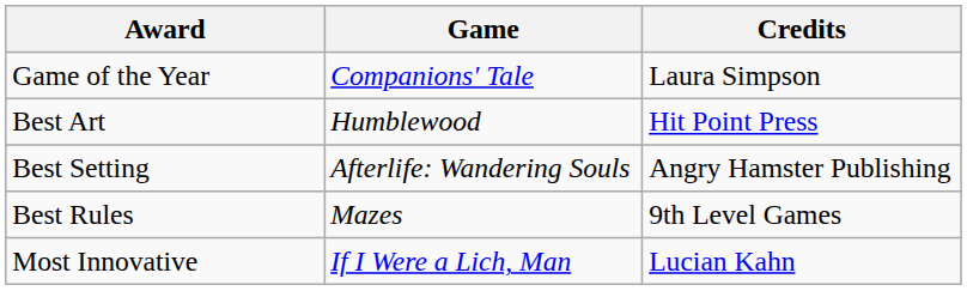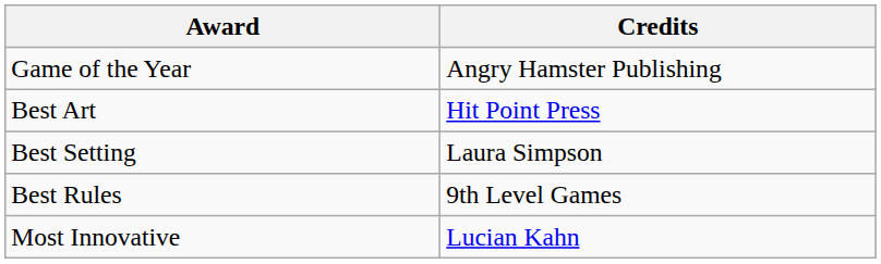 <table class="wikitable sortable" style="margins:auto; width=95%; font-size: 95%;">
 <tr>
 <th width="33%">Award</th>
-<th width="33%">Game</th>
 <th width="33%">Credits</th>
 </tr>
 <tr>
 <td>Game of the Year</td>
-<td><em><a href='#'>Companions' Tale</a></em></td>
-<td>Laura Simpson</td>
+<td>Angry Hamster Publishing</td>
 </tr>
 <tr>
 <td>Best Art</td>
-<td><em>Humblewood</em></td>
 <td><a href='#'>Hit Point Press</a></td>
 </tr>
 <tr>
 <td>Best Setting</td>
-<td><em>Afterlife: Wandering Souls</em></td>
-<td>Angry Hamster Publishing</td>
+<td>Laura Simpson</td>
 </tr>
 <tr>
 <td>Best Rules</td>
-<td><em>Mazes</em></td>
 <td>9th Level Games</td>
 </tr>
 <tr>
 <td>Most Innovative</td>
-<td><em><a href='#'>If I Were a Lich, Man</a></em></td>
 <td><a href='#'>Lucian Kahn</a></td>
 </tr>
 </table>
